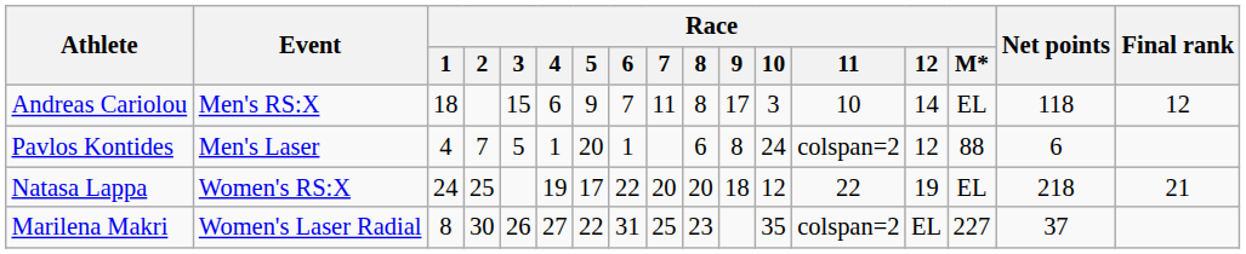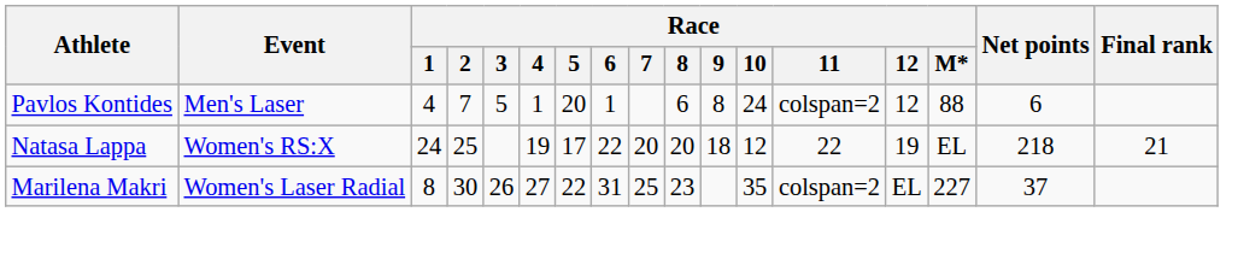 <table class="wikitable" style="font-size:90%">
 <tr>
 <th rowspan="2">Athlete</th>
 <th rowspan="2">Event</th>
 <th colspan=13>Race</th>
 <th rowspan=2>Net points</th>
 <th rowspan=2>Final rank</th>
 </tr>
 <tr style="font-size:95%">
 <th>1</th>
 <th>2</th>
 <th>3</th>
 <th>4</th>
 <th>5</th>
 <th>6</th>
 <th>7</th>
 <th>8</th>
 <th>9</th>
 <th>10</th>
 <th>11</th>
 <th>12</th>
 <th>M*</th>
-</tr>
-<tr align=center>
-<td align=left><a href='#'>Andreas Cariolou</a></td>
-<td align=left><a href='#'>Men's RS:X</a></td>
-<td>18</td>
-<td></td>
-<td>15</td>
-<td>6</td>
-<td>9</td>
-<td>7</td>
-<td>11</td>
-<td>8</td>
-<td>17</td>
-<td>3</td>
-<td>10</td>
-<td>14</td>
-<td>EL</td>
-<td>118</td>
-<td>12</td>
 </tr>
 <tr align=center>
 <td align=left><a href='#'>Pavlos Kontides</a></td>
 <td align=left><a href='#'>Men's Laser</a></td>
 <td>4</td>
 <td>7</td>
 <td>5</td>
 <td>1</td>
 <td>20</td>
 <td>1</td>
 <td></td>
 <td>6</td>
 <td>8</td>
 <td>24</td>
 <td>colspan=2 </td>
 <td>12</td>
 <td>88</td>
 <td>6</td>
 </tr>
 <tr align=center>
 <td align=left><a href='#'>Natasa Lappa</a></td>
 <td align=left><a href='#'>Women's RS:X</a></td>
 <td>24</td>
 <td>25</td>
 <td></td>
 <td>19</td>
 <td>17</td>
 <td>22</td>
 <td>20</td>
 <td>20</td>
 <td>18</td>
 <td>12</td>
 <td>22</td>
 <td>19</td>
 <td>EL</td>
 <td>218</td>
 <td>21</td>
 </tr>
 <tr align=center>
 <td align=left><a href='#'>Marilena Makri</a></td>
 <td align=left><a href='#'>Women's Laser Radial</a></td>
 <td>8</td>
 <td>30</td>
 <td>26</td>
 <td>27</td>
 <td>22</td>
 <td>31</td>
 <td>25</td>
 <td>23</td>
 <td></td>
 <td>35</td>
 <td>colspan=2 </td>
 <td>EL</td>
 <td>227</td>
 <td>37</td>
 </tr>
 </table>
